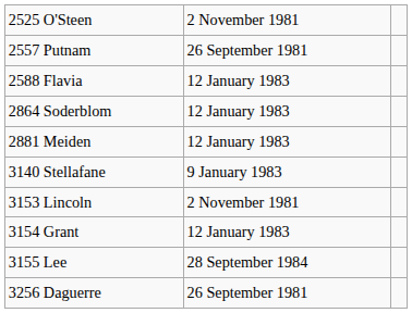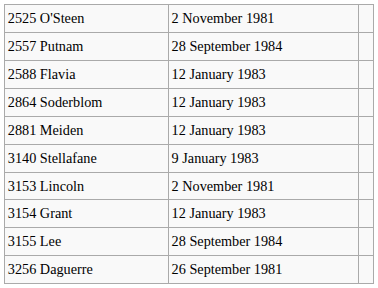 <table class="wikitable" style="font-size: 89%; float: left; width: 26em; margin-right: 1em; height: 280px;">
 <tr>
 <td>2525 O'Steen</td>
 <td>2 November 1981</td>
 <td></td>
 </tr>
 <tr>
 <td>2557 Putnam</td>
-<td>26 September 1981</td>
+<td>28 September 1984</td>
 <td> </td>
 </tr>
 <tr>
 <td>2588 Flavia</td>
 <td>12 January 1983</td>
 <td></td>
 </tr>
 <tr>
 <td>2864 Soderblom</td>
 <td>12 January 1983</td>
 <td></td>
 </tr>
 <tr>
 <td>2881 Meiden</td>
 <td>12 January 1983</td>
 <td></td>
 </tr>
 <tr>
 <td>3140 Stellafane</td>
 <td>9 January 1983</td>
 <td></td>
 </tr>
 <tr>
 <td>3153 Lincoln</td>
 <td>2 November 1981</td>
 <td></td>
 </tr>
 <tr>
 <td>3154 Grant</td>
 <td>12 January 1983</td>
 <td></td>
 </tr>
 <tr>
 <td>3155 Lee</td>
 <td>28 September 1984</td>
 <td></td>
 </tr>
 <tr>
 <td>3256 Daguerre</td>
 <td>26 September 1981</td>
 <td> </td>
 </tr>
 </table>
